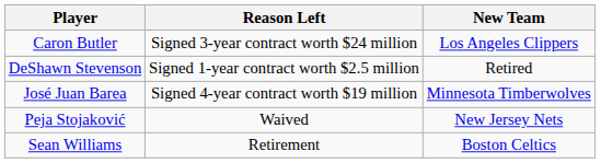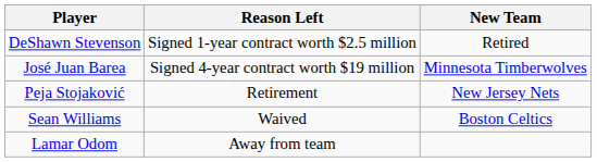 <table class="wikitable sortable sortable">
 <tr>
 <th>Player</th>
 <th>Reason Left</th>
 <th>New Team</th>
-</tr>
-<tr style="text-align: center">
-<td><a href='#'>Caron Butler</a></td>
-<td>Signed 3-year contract worth $24 million</td>
-<td><a href='#'>Los Angeles Clippers</a></td>
 </tr>
 <tr style="text-align: center">
 <td><a href='#'>DeShawn Stevenson</a></td>
 <td>Signed 1-year contract worth $2.5 million</td>
 <td>Retired</td>
 </tr>
 <tr style="text-align: center">
 <td><a href='#'>José Juan Barea</a></td>
 <td>Signed 4-year contract worth $19 million</td>
 <td><a href='#'>Minnesota Timberwolves</a></td>
 </tr>
 <tr style="text-align: center">
 <td><a href='#'>Peja Stojaković</a></td>
-<td>Waived</td>
+<td>Retirement</td>
 <td><a href='#'>New Jersey Nets</a></td>
 </tr>
 <tr style="text-align: center">
 <td><a href='#'>Sean Williams</a></td>
-<td>Retirement</td>
+<td>Waived</td>
 <td><a href='#'>Boston Celtics</a></td>
 </tr>
+<tr style="text-align: center">
+<td><a href='#'>Lamar Odom</a></td>
+<td>Away from team</td>
+<td></td>
+</tr>
 </table>
